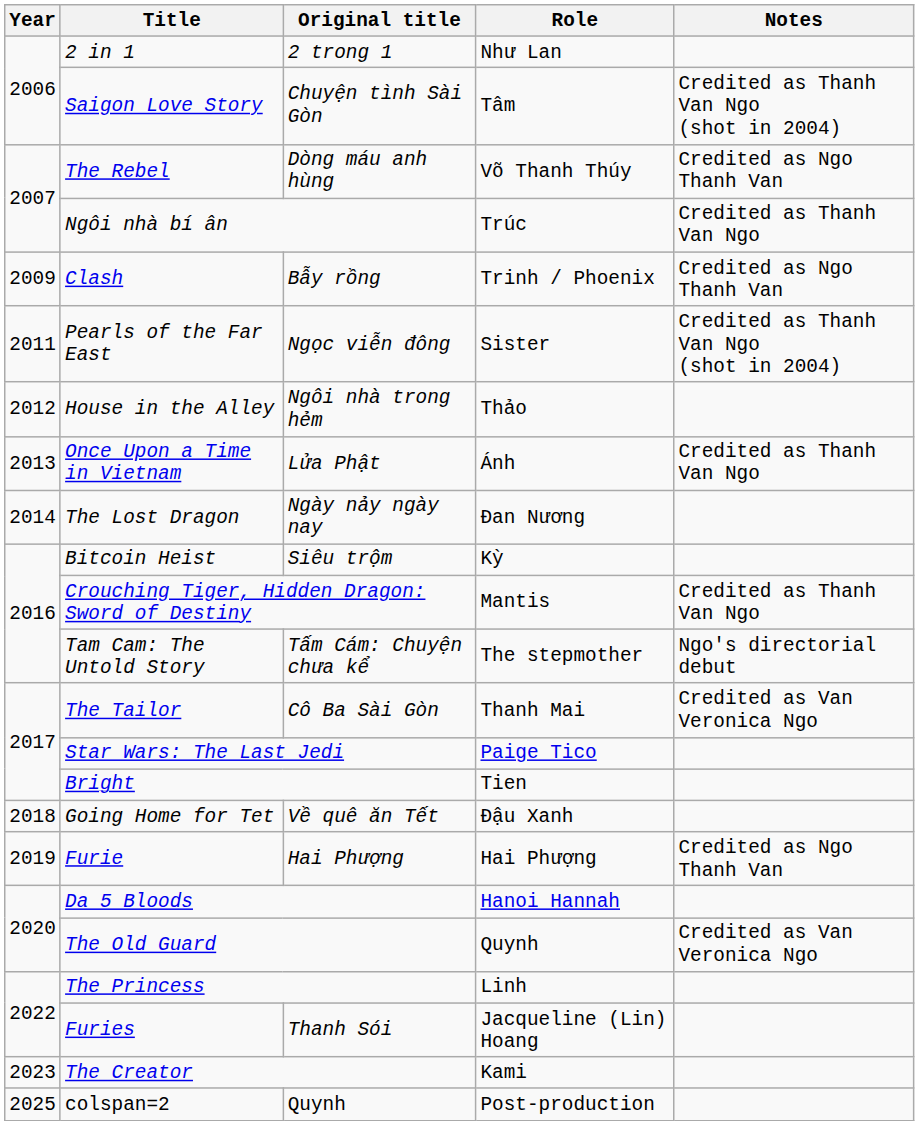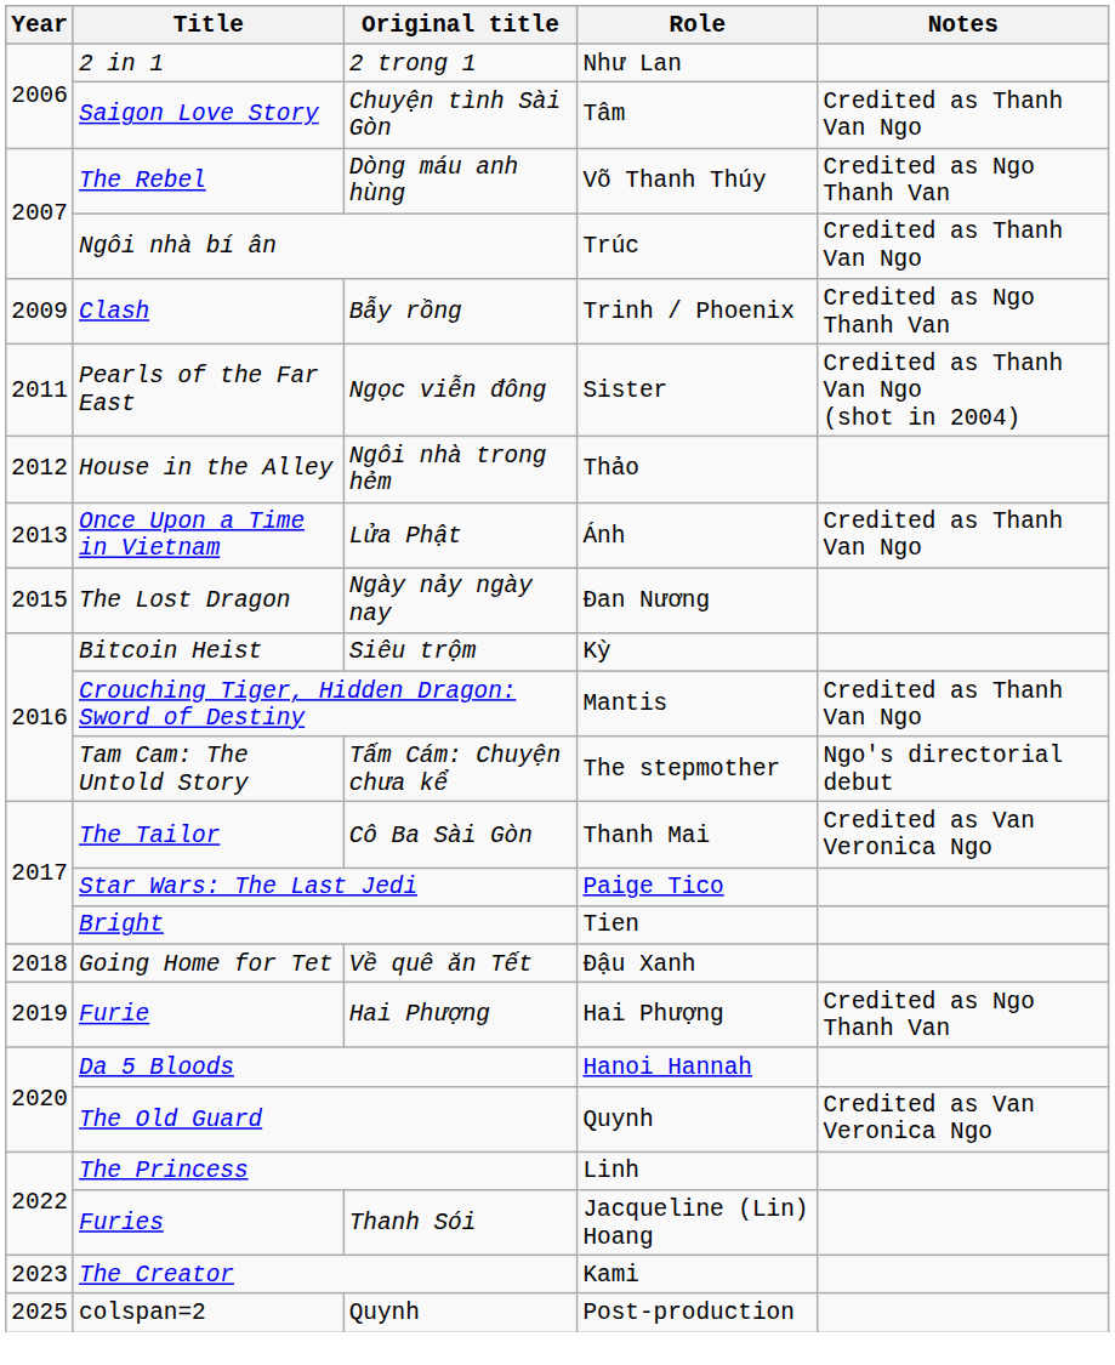 <table class="wikitable sortable">
 <tr>
 <th>Year</th>
 <th>Title</th>
 <th>Original title</th>
 <th>Role</th>
 <th>Notes</th>
 </tr>
 <tr>
 <td rowspan=2>2006</td>
 <td><em>2 in 1</em></td>
 <td><em>2 trong 1</em></td>
 <td>Như Lan</td>
 <td></td>
 </tr>
 <tr>
 <td><em><a href='#'>Saigon Love Story</a></em></td>
 <td><em>Chuyện tình Sài Gòn</em></td>
 <td>Tâm</td>
-<td>Credited as Thanh Van Ngo<br>(shot in 2004)</td>
+<td>Credited as Thanh Van Ngo</td>
 </tr>
 <tr>
 <td rowspan=2>2007</td>
 <td><em><a href='#'>The Rebel</a></em></td>
 <td><em>Dòng máu anh hùng</em></td>
 <td>Võ Thanh Thúy</td>
 <td>Credited as Ngo Thanh Van</td>
 </tr>
 <tr>
 <td colspan=2><em>Ngôi nhà bí ân</em></td>
 <td>Trúc</td>
 <td>Credited as Thanh Van Ngo</td>
 </tr>
 <tr>
 <td>2009</td>
 <td><em><a href='#'>Clash</a></em></td>
 <td><em>Bẫy rồng</em></td>
 <td>Trinh / Phoenix</td>
 <td>Credited as Ngo Thanh Van</td>
 </tr>
 <tr>
 <td>2011</td>
 <td><em>Pearls of the Far East</em></td>
 <td><em>Ngọc viễn đông</em></td>
 <td>Sister</td>
 <td>Credited as Thanh Van Ngo<br>(shot in 2004)</td>
 </tr>
 <tr>
 <td>2012</td>
 <td><em>House in the Alley</em></td>
 <td><em>Ngôi nhà trong hẻm</em></td>
 <td>Thảo</td>
 <td></td>
 </tr>
 <tr>
 <td>2013</td>
 <td><em><a href='#'>Once Upon a Time in Vietnam</a></em></td>
 <td><em>Lửa Phật</em></td>
 <td>Ánh</td>
 <td>Credited as Thanh Van Ngo</td>
 </tr>
 <tr>
-<td>2014</td>
+<td>2015</td>
 <td><em>The Lost Dragon</em></td>
 <td><em>Ngày nảy ngày nay</em></td>
 <td>Đan Nương</td>
 <td></td>
 </tr>
 <tr>
 <td rowspan=3>2016</td>
 <td><em>Bitcoin Heist</em></td>
 <td><em>Siêu trộm</em></td>
 <td>Kỳ</td>
 <td></td>
 </tr>
 <tr>
 <td colspan=2><em><a href='#'>Crouching Tiger, Hidden Dragon: Sword of Destiny</a></em></td>
 <td>Mantis</td>
 <td>Credited as Thanh Van Ngo</td>
 </tr>
 <tr>
 <td><em>Tam Cam: The Untold Story</em></td>
 <td><em>Tấm Cám: Chuyện chưa kể</em></td>
 <td>The stepmother</td>
 <td>Ngo's directorial debut</td>
 </tr>
 <tr>
 <td rowspan=3>2017</td>
 <td><em><a href='#'>The Tailor</a></em></td>
 <td><em>Cô Ba Sài Gòn</em></td>
 <td>Thanh Mai</td>
 <td>Credited as Van Veronica Ngo</td>
 </tr>
 <tr>
 <td colspan=2><em><a href='#'>Star Wars: The Last Jedi</a></em></td>
 <td><a href='#'>Paige Tico</a></td>
 <td></td>
 </tr>
 <tr>
 <td colspan=2><em><a href='#'>Bright</a></em></td>
 <td>Tien</td>
 <td></td>
 </tr>
 <tr>
 <td>2018</td>
 <td><em>Going Home for Tet</em></td>
 <td><em>Về quê ăn Tết</em></td>
 <td>Đậu Xanh</td>
 <td></td>
 </tr>
 <tr>
 <td>2019</td>
 <td><em><a href='#'>Furie</a></em></td>
 <td><em>Hai Phượng</em></td>
 <td>Hai Phượng</td>
 <td>Credited as Ngo Thanh Van</td>
 </tr>
 <tr>
 <td rowspan=2>2020</td>
 <td colspan=2><em><a href='#'>Da 5 Bloods</a></em></td>
 <td><a href='#'>Hanoi Hannah</a></td>
 <td></td>
 </tr>
 <tr>
 <td colspan=2><em><a href='#'>The Old Guard</a></em></td>
 <td>Quynh</td>
 <td>Credited as Van Veronica Ngo</td>
 </tr>
 <tr>
 <td rowspan=2>2022</td>
 <td colspan=2><em><a href='#'>The Princess</a></em></td>
 <td>Linh</td>
 <td></td>
 </tr>
 <tr>
 <td><em><a href='#'>Furies</a></em></td>
 <td><em>Thanh Sói</em></td>
 <td>Jacqueline (Lin) Hoang</td>
 <td></td>
 </tr>
 <tr>
 <td>2023</td>
 <td colspan=2><em><a href='#'>The Creator</a></em></td>
 <td>Kami</td>
 <td></td>
 </tr>
 <tr>
 <td>2025</td>
 <td>colspan=2 </td>
 <td>Quynh</td>
 <td>Post-production</td>
 </tr>
 </table>
